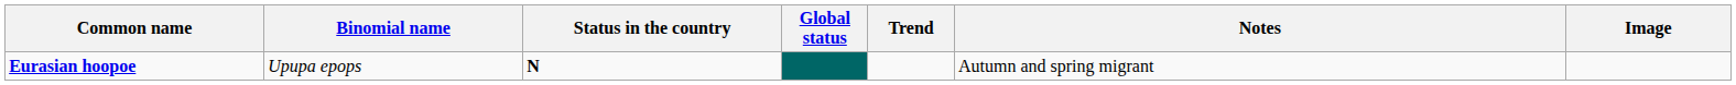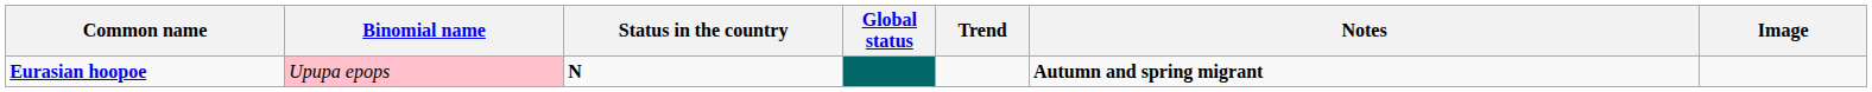 <table class="wikitable sortable">
 <tr>
 <th width="15%">Common name</th>
 <th width="15%"><a href='#'>Binomial name</a></th>
 <th data-sort-type="number" width="15%">Status in the country</th>
 <th width="5%"><a href='#'>Global status</a></th>
 <th width="5%">Trend</th>
 <th class="unsortable">Notes</th>
 <th class="unsortable">Image</th>
 </tr>
 <tr>
 <td><strong><a href='#'>Eurasian hoopoe</a></strong></td>
-<td><em>Upupa epops</em></td>
+<td style="background: pink;"><em>Upupa epops</em></td>
 <td><strong>N</strong></td>
 <td align=center style="background: #006666"></td>
 <td align=center></td>
-<td>Autumn and spring migrant</td>
+<td><strong>Autumn and spring migrant</strong></td>
 <td></td>
 </tr>
 <tr>
 </tr>
 </table>
